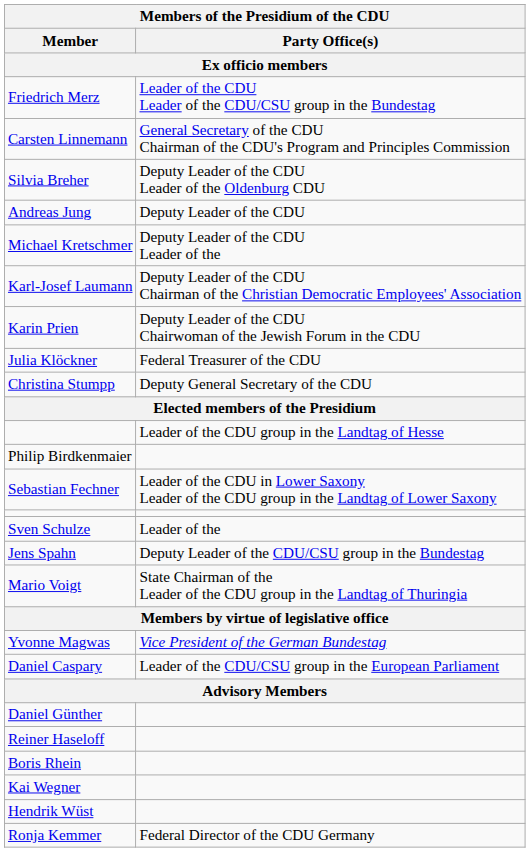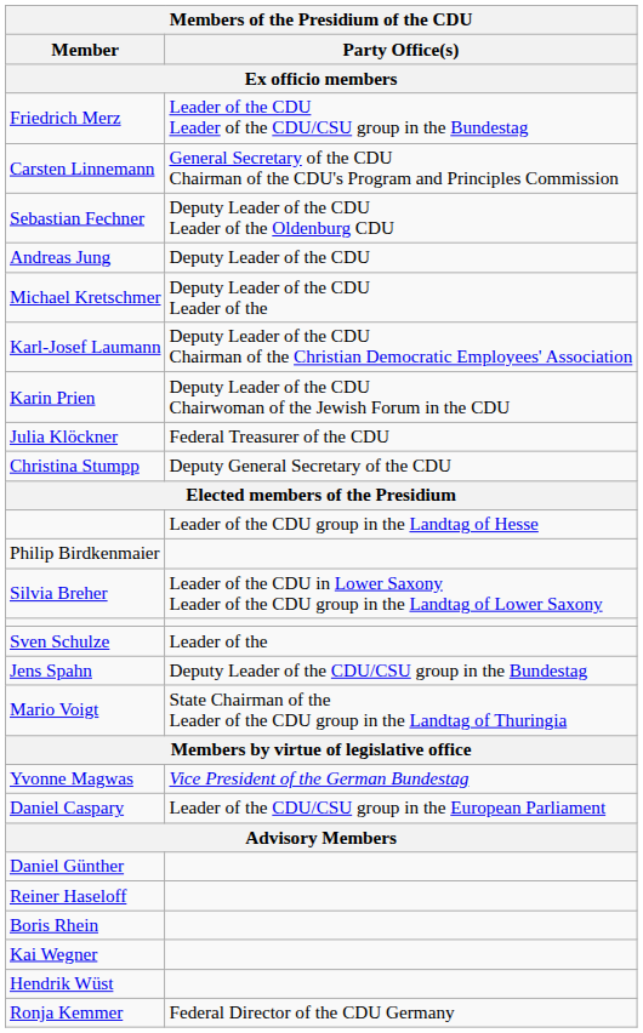 <table class="wikitable">
 <tr>
 <th colspan="2">Members of the Presidium of the CDU</th>
 </tr>
 <tr>
 <th>Member</th>
 <th>Party Office(s)</th>
 </tr>
 <tr>
 <th colspan="2">Ex officio members</th>
 </tr>
 <tr>
 <td><a href='#'>Friedrich Merz</a></td>
 <td><a href='#'>Leader of the CDU</a><br><a href='#'>Leader</a> of the <a href='#'>CDU/CSU</a> group in the <a href='#'>Bundestag</a></td>
 </tr>
 <tr>
 <td><a href='#'>Carsten Linnemann</a></td>
 <td><a href='#'>General Secretary</a> of the CDU<br>Chairman of the CDU's Program and Principles Commission</td>
 </tr>
 <tr>
-<td><a href='#'>Silvia Breher</a></td>
+<td><a href='#'>Sebastian Fechner</a></td>
 <td>Deputy Leader of the CDU<br>Leader of the <a href='#'>Oldenburg</a> CDU</td>
 </tr>
 <tr>
 <td><a href='#'>Andreas Jung</a></td>
 <td>Deputy Leader of the CDU</td>
 </tr>
 <tr>
 <td><a href='#'>Michael Kretschmer</a></td>
 <td>Deputy Leader of the CDU<br>Leader of the </td>
 </tr>
 <tr>
 <td><a href='#'>Karl-Josef Laumann</a></td>
 <td>Deputy Leader of the CDU<br>Chairman of the <a href='#'>Christian Democratic Employees' Association</a></td>
 </tr>
 <tr>
 <td><a href='#'>Karin Prien</a></td>
 <td>Deputy Leader of the CDU<br>Chairwoman of the Jewish Forum in the CDU</td>
 </tr>
 <tr>
 <td><a href='#'>Julia Klöckner</a></td>
 <td>Federal Treasurer of the CDU</td>
 </tr>
 <tr>
 <td><a href='#'>Christina Stumpp</a></td>
 <td>Deputy General Secretary of the CDU</td>
 </tr>
 <tr>
 <th colspan="2">Elected members of the Presidium</th>
 </tr>
 <tr>
 <td></td>
 <td>Leader of the CDU group in the <a href='#'>Landtag of Hesse</a></td>
 </tr>
 <tr>
 <td>Philip Birdkenmaier</td>
 <td></td>
 </tr>
 <tr>
-<td><a href='#'>Sebastian Fechner</a></td>
+<td><a href='#'>Silvia Breher</a></td>
 <td>Leader of the CDU in <a href='#'>Lower Saxony</a><br>Leader of the CDU group in the <a href='#'>Landtag of Lower Saxony</a></td>
 </tr>
 <tr>
 <td></td>
 <td></td>
 </tr>
 <tr>
 <td><a href='#'>Sven Schulze</a></td>
 <td>Leader of the </td>
 </tr>
 <tr>
 <td><a href='#'>Jens Spahn</a></td>
 <td>Deputy Leader of the <a href='#'>CDU/CSU</a> group in the <a href='#'>Bundestag</a></td>
 </tr>
 <tr>
 <td><a href='#'>Mario Voigt</a></td>
 <td>State Chairman of the <br>Leader of the CDU group in the <a href='#'>Landtag of Thuringia</a></td>
 </tr>
 <tr>
 <th colspan="2">Members by virtue of legislative office</th>
 </tr>
 <tr>
 <td><a href='#'>Yvonne Magwas</a></td>
 <td><em><a href='#'>Vice President of the German Bundestag</a></em></td>
 </tr>
 <tr>
 <td><a href='#'>Daniel Caspary</a></td>
 <td>Leader of the <a href='#'>CDU/CSU</a> group in the <a href='#'>European Parliament</a></td>
 </tr>
 <tr>
 <th colspan="2">Advisory Members</th>
 </tr>
 <tr>
 <td><a href='#'>Daniel Günther</a></td>
 <td></td>
 </tr>
 <tr>
 <td><a href='#'>Reiner Haseloff</a></td>
 <td></td>
 </tr>
 <tr>
 <td><a href='#'>Boris Rhein</a></td>
 <td></td>
 </tr>
 <tr>
 <td><a href='#'>Kai Wegner</a></td>
 <td></td>
 </tr>
 <tr>
 <td><a href='#'>Hendrik Wüst</a></td>
 <td></td>
 </tr>
 <tr>
 <td><a href='#'>Ronja Kemmer</a></td>
 <td>Federal Director of the CDU Germany</td>
 </tr>
 </table>
